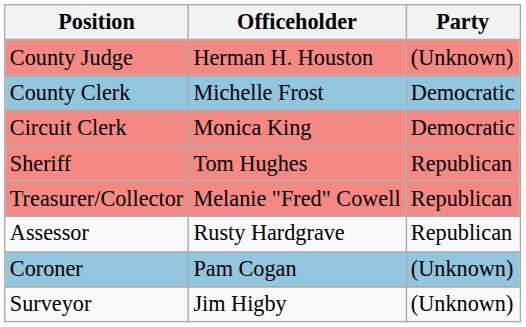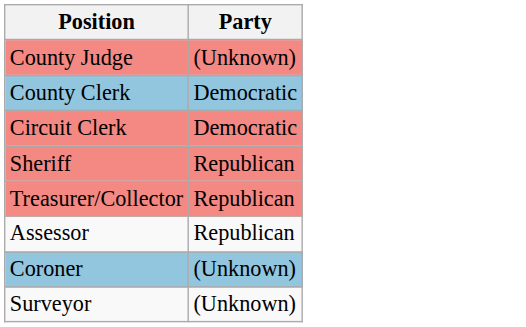 <table class="wikitable mw-collapsible">
 <tr>
 <th>Position</th>
-<th>Officeholder</th>
 <th>Party</th>
 </tr>
 <tr style="background-color:#F48882;">
 <td>County Judge</td>
-<td>Herman H. Houston</td>
 <td>(Unknown)</td>
 </tr>
 <tr style="background-color:#92C5DE;">
 <td>County Clerk</td>
-<td>Michelle Frost</td>
 <td>Democratic</td>
 </tr>
 <tr style="background-color:#F48882;">
 <td>Circuit Clerk</td>
-<td>Monica King</td>
 <td>Democratic</td>
 </tr>
 <tr style="background-color:#F48882;">
 <td>Sheriff</td>
-<td>Tom Hughes</td>
 <td>Republican</td>
 </tr>
 <tr style="background-color:#F48882;">
 <td>Treasurer/Collector</td>
-<td>Melanie "Fred" Cowell</td>
 <td>Republican</td>
 </tr>
 <tr>
 <td>Assessor</td>
-<td>Rusty Hardgrave</td>
 <td>Republican</td>
 </tr>
 <tr style="background-color:#92C5DE;">
 <td>Coroner</td>
-<td>Pam Cogan</td>
 <td>(Unknown)</td>
 </tr>
 <tr>
 <td>Surveyor</td>
-<td>Jim Higby</td>
 <td>(Unknown)</td>
 </tr>
 </table>
